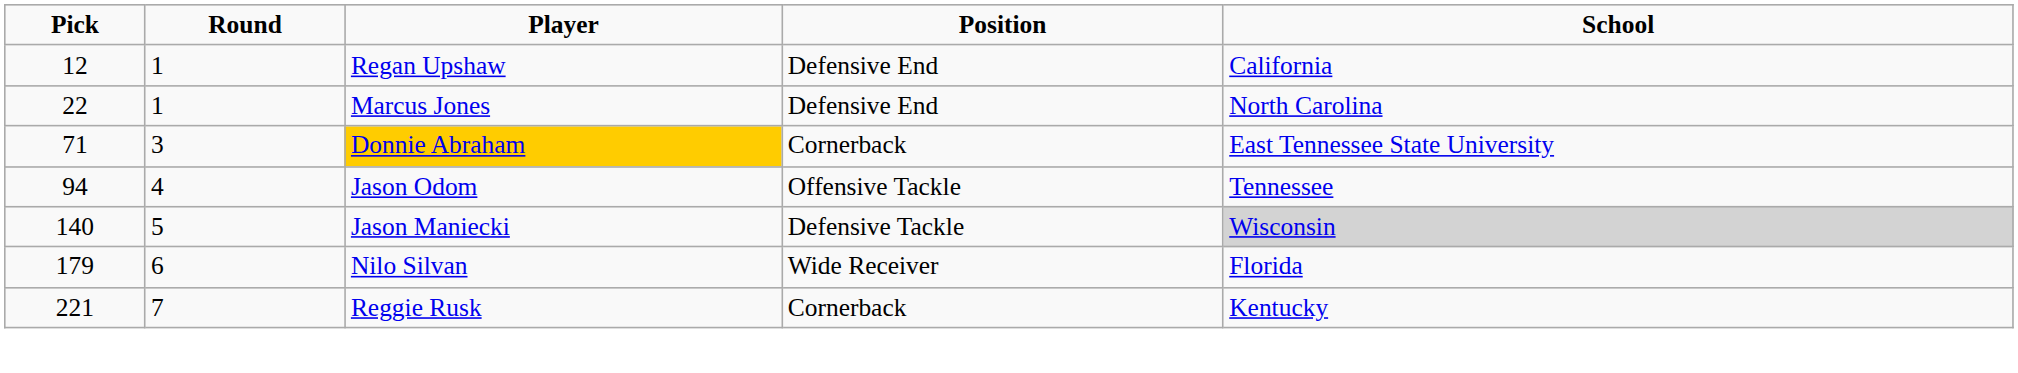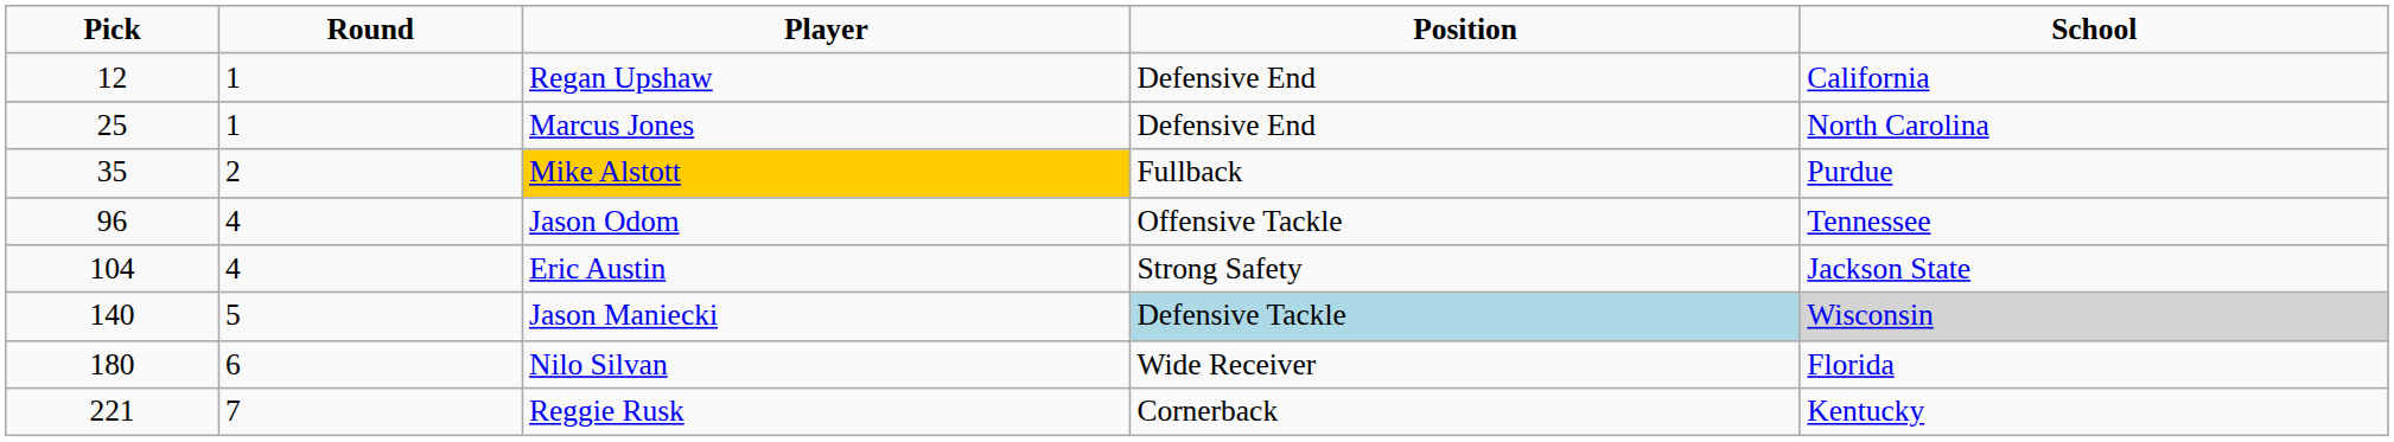 <table class="wikitable sortable sortable" style="width: 100%">
 <tr style="text-align:center; ">
 <td><strong>Pick</strong></td>
 <td><strong>Round</strong></td>
 <td><strong>Player</strong></td>
 <td><strong>Position</strong></td>
 <td><strong>School</strong></td>
 </tr>
 <tr>
 <td align=center>12</td>
 <td>1</td>
 <td><a href='#'>Regan Upshaw</a></td>
 <td>Defensive End</td>
 <td><a href='#'>California</a></td>
 </tr>
 <tr>
-<td align=center>22</td>
+<td align=center>25</td>
 <td>1</td>
 <td><a href='#'>Marcus Jones</a></td>
 <td>Defensive End</td>
 <td><a href='#'>North Carolina</a></td>
 </tr>
 <tr>
-<td align=center>71</td>
-<td>3</td>
-<td style="background:#fc0;"><a href='#'>Donnie Abraham</a></td>
-<td>Cornerback</td>
-<td><a href='#'>East Tennessee State University</a></td>
+<td align=center>35</td>
+<td>2</td>
+<td style="background:#fc0;"><a href='#'>Mike Alstott</a></td>
+<td>Fullback</td>
+<td><a href='#'>Purdue</a></td>
 </tr>
 <tr>
-<td align=center>94</td>
+<td align=center>96</td>
 <td>4</td>
 <td><a href='#'>Jason Odom</a></td>
 <td>Offensive Tackle</td>
 <td><a href='#'>Tennessee</a></td>
 </tr>
 <tr>
+<td align=center>104</td>
+<td>4</td>
+<td><a href='#'>Eric Austin</a></td>
+<td>Strong Safety</td>
+<td><a href='#'>Jackson State</a></td>
+</tr>
+<tr>
 <td align=center>140</td>
 <td>5</td>
 <td><a href='#'>Jason Maniecki</a></td>
-<td>Defensive Tackle</td>
+<td style="background: lightblue;">Defensive Tackle</td>
 <td style="background: lightgrey;"><a href='#'>Wisconsin</a></td>
 </tr>
 <tr>
-<td align=center>179</td>
+<td align=center>180</td>
 <td>6</td>
 <td><a href='#'>Nilo Silvan</a></td>
 <td>Wide Receiver</td>
 <td><a href='#'>Florida</a></td>
 </tr>
 <tr>
 <td align=center>221</td>
 <td>7</td>
 <td><a href='#'>Reggie Rusk</a></td>
 <td>Cornerback</td>
 <td><a href='#'>Kentucky</a></td>
 </tr>
 </table>
